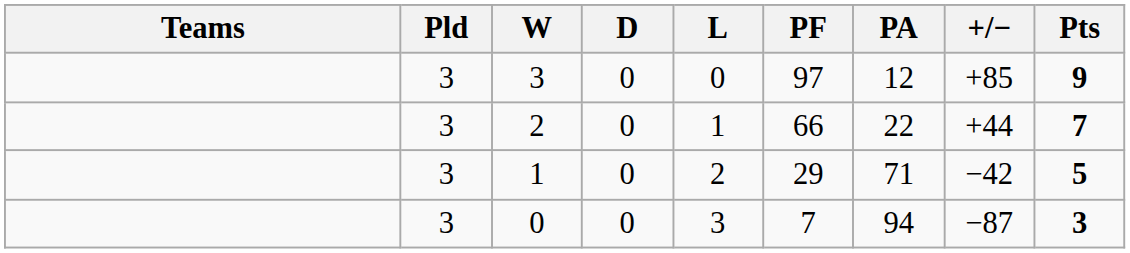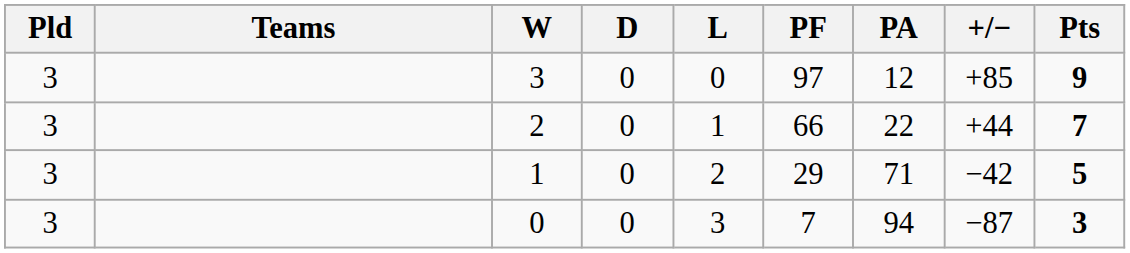 <table class="wikitable" style="text-align: center;">
 <tr>
+<th width="40">Pld</th>
 <th width="200">Teams</th>
-<th width="40">Pld</th>
 <th width="40">W</th>
 <th width="40">D</th>
 <th width="40">L</th>
 <th width="40">PF</th>
 <th width="40">PA</th>
 <th width="40">+/−</th>
 <th width="40">Pts</th>
 </tr>
 <tr>
+<td>3</td>
 <td align=left></td>
-<td>3</td>
 <td>3</td>
 <td>0</td>
 <td>0</td>
 <td>97</td>
 <td>12</td>
 <td>+85</td>
 <td><strong>9</strong></td>
 </tr>
 <tr>
+<td>3</td>
 <td align=left></td>
-<td>3</td>
 <td>2</td>
 <td>0</td>
 <td>1</td>
 <td>66</td>
 <td>22</td>
 <td>+44</td>
 <td><strong>7</strong></td>
 </tr>
 <tr>
+<td>3</td>
 <td align=left></td>
-<td>3</td>
 <td>1</td>
 <td>0</td>
 <td>2</td>
 <td>29</td>
 <td>71</td>
 <td>−42</td>
 <td><strong>5</strong></td>
 </tr>
 <tr>
+<td>3</td>
 <td align=left></td>
-<td>3</td>
 <td>0</td>
 <td>0</td>
 <td>3</td>
 <td>7</td>
 <td>94</td>
 <td>−87</td>
 <td><strong>3</strong></td>
 </tr>
 </table>
